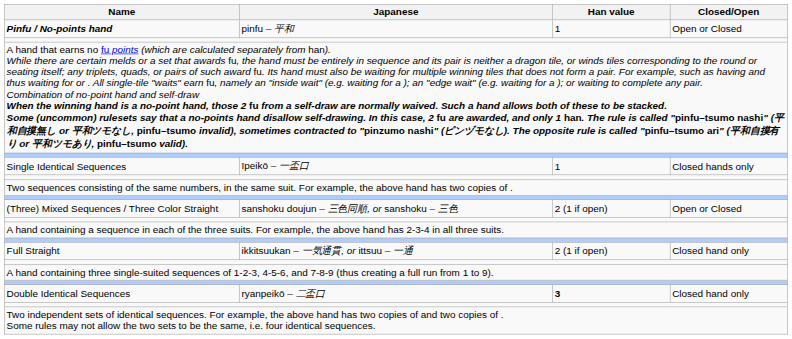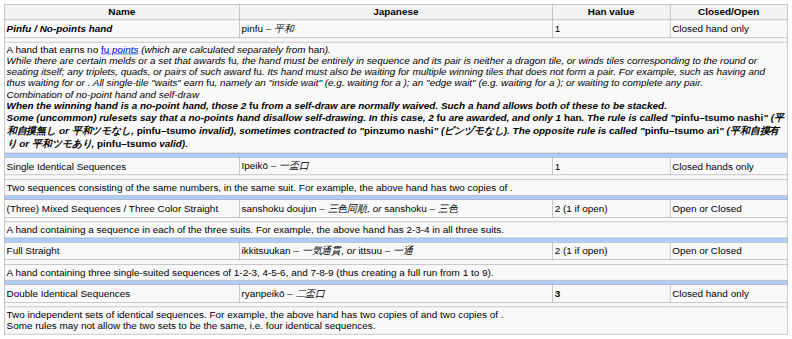 <table class="wikitable" width=100%>
 <tr>
 <th>Name</th>
 <th>Japanese</th>
 <th>Han value</th>
 <th>Closed/Open</th>
 </tr>
 <tr>
 <td width=30%><strong><em>Pinfu<em> /<strong> </strong>No-points hand<strong></td>
 <td width=40%></em>pinfu<em> – 平和</td>
 <td width=15%>1</td>
-<td width=15%>Open or Closed</td>
+<td width=15%>Closed hand only</td>
 </tr>
 <tr>
 <td colspan=4></td>
 </tr>
 <tr>
 <td colspan="4">A hand that earns no <a href='#'></em>fu<em> points</a> (which are calculated separately from </em>han<em>).<br>While there are certain melds or a set that awards </em>fu<em>, the hand must be entirely in sequence and its pair is neither a dragon tile, or winds tiles corresponding to the round or seating itself; any triplets, quads, or pairs of such award </em>fu<em>. Its hand must also be waiting for multiple winning tiles that does not form a pair. For example, such as having  and thus waiting for  or . All single-tile "waits" earn </em>fu<em>, namely an "inside wait" (e.g.  waiting for a ); an "edge wait" (e.g.  waiting for a ); or waiting to complete any pair.<br></strong>Combination of no-point hand and self-draw<strong><br>When the winning hand is a no-point hand, those 2 </em>fu<em> from a self-draw are normally waived. Such a hand allows both of these to be stacked.<br>Some (uncommon) rulesets say that a no-points hand disallow self-drawing. In this case, 2 </em>fu<em> are awarded, and only 1 </em>han<em>. The rule is called "</em>pinfu–tsumo nashi<em>" (平和自摸無し or 平和ツモなし, </em>pinfu–tsumo<em> invalid), sometimes contracted to "</em>pinzumo nashi<em>" (ピンヅモなし). The opposite rule is called "</em>pinfu–tsumo ari<em>" (平和自摸有り or 平和ツモあり, </em>pinfu–tsumo<em> valid).</td>
 </tr>
 <tr>
 <td colspan=4 bgcolor="#AFCDFC"></td>
 </tr>
 <tr>
 <td width=30%></strong>Single Identical Sequences<strong></td>
 <td width=40%></em>īpeikō<em> – 一盃口</td>
 <td width=15%>1</td>
 <td width=15%>Closed hands only</td>
 </tr>
 <tr>
 <td colspan=4></td>
 </tr>
 <tr>
 <td colspan=4>Two sequences consisting of the same numbers, in the same suit. For example, the above hand has two copies of .</td>
 </tr>
 <tr>
 <td colspan=4 bgcolor="#AFCDFC"></td>
 </tr>
 <tr>
 <td width=30%></strong>(Three) Mixed Sequences / Three Color Straight<strong></td>
 <td width=40%></em>sanshoku doujun<em> – 三色同順, or </em>sanshoku<em> –  三色</td>
 <td width=15%>2 (1 if open)</td>
 <td width=15%>Open or Closed</td>
 </tr>
 <tr>
 <td colspan=4></td>
 </tr>
 <tr>
 <td colspan=4>A hand containing a sequence in each of the three suits. For example, the above hand has 2-3-4 in all three suits.</td>
 </tr>
 <tr>
 <td colspan=4 bgcolor="#AFCDFC"></td>
 </tr>
 <tr>
 <td width=30%></strong>Full Straight<strong></td>
 <td width=40%></em>ikkitsuukan<em> – 一気通貫, or </em>ittsuu<em> – 一通</td>
 <td width=15%>2 (1 if open)</td>
-<td width=15%>Closed hand only</td>
+<td width=15%>Open or Closed</td>
 </tr>
 <tr>
 <td colspan=4></td>
 </tr>
 <tr>
 <td colspan=4>A hand containing three single-suited sequences of 1-2-3, 4-5-6, and 7-8-9 (thus creating a full run from 1 to 9).</td>
 </tr>
 <tr>
 <td colspan=4 bgcolor="#AFCDFC"></td>
 </tr>
 <tr>
 <td width=30%></strong>Double Identical Sequences<strong></td>
 <td width=40%></em>ryanpeikō<em> – 二盃口</td>
 <td width=15%><strong>3</strong></td>
 <td width=15%>Closed hand only</td>
 </tr>
 <tr>
 <td colspan=4></td>
 </tr>
 <tr>
 <td colspan=4>Two independent sets of identical sequences. For example, the above hand has two copies of  and two copies of .<br>Some rules may not allow the two sets to be the same, i.e. four identical sequences.</td>
 </tr>
 </table>
